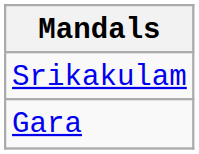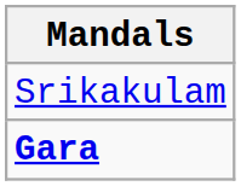 <table class="wikitable sortable static-row-numbers static-row-header-hash">
 <tr>
 <th>Mandals</th>
 </tr>
 <tr>
 <td><a href='#'>Srikakulam</a></td>
 </tr>
 <tr>
-<td><a href='#'>Gara</a></td>
+<td><strong><a href='#'>Gara</a></strong></td>
 </tr>
 </table>
